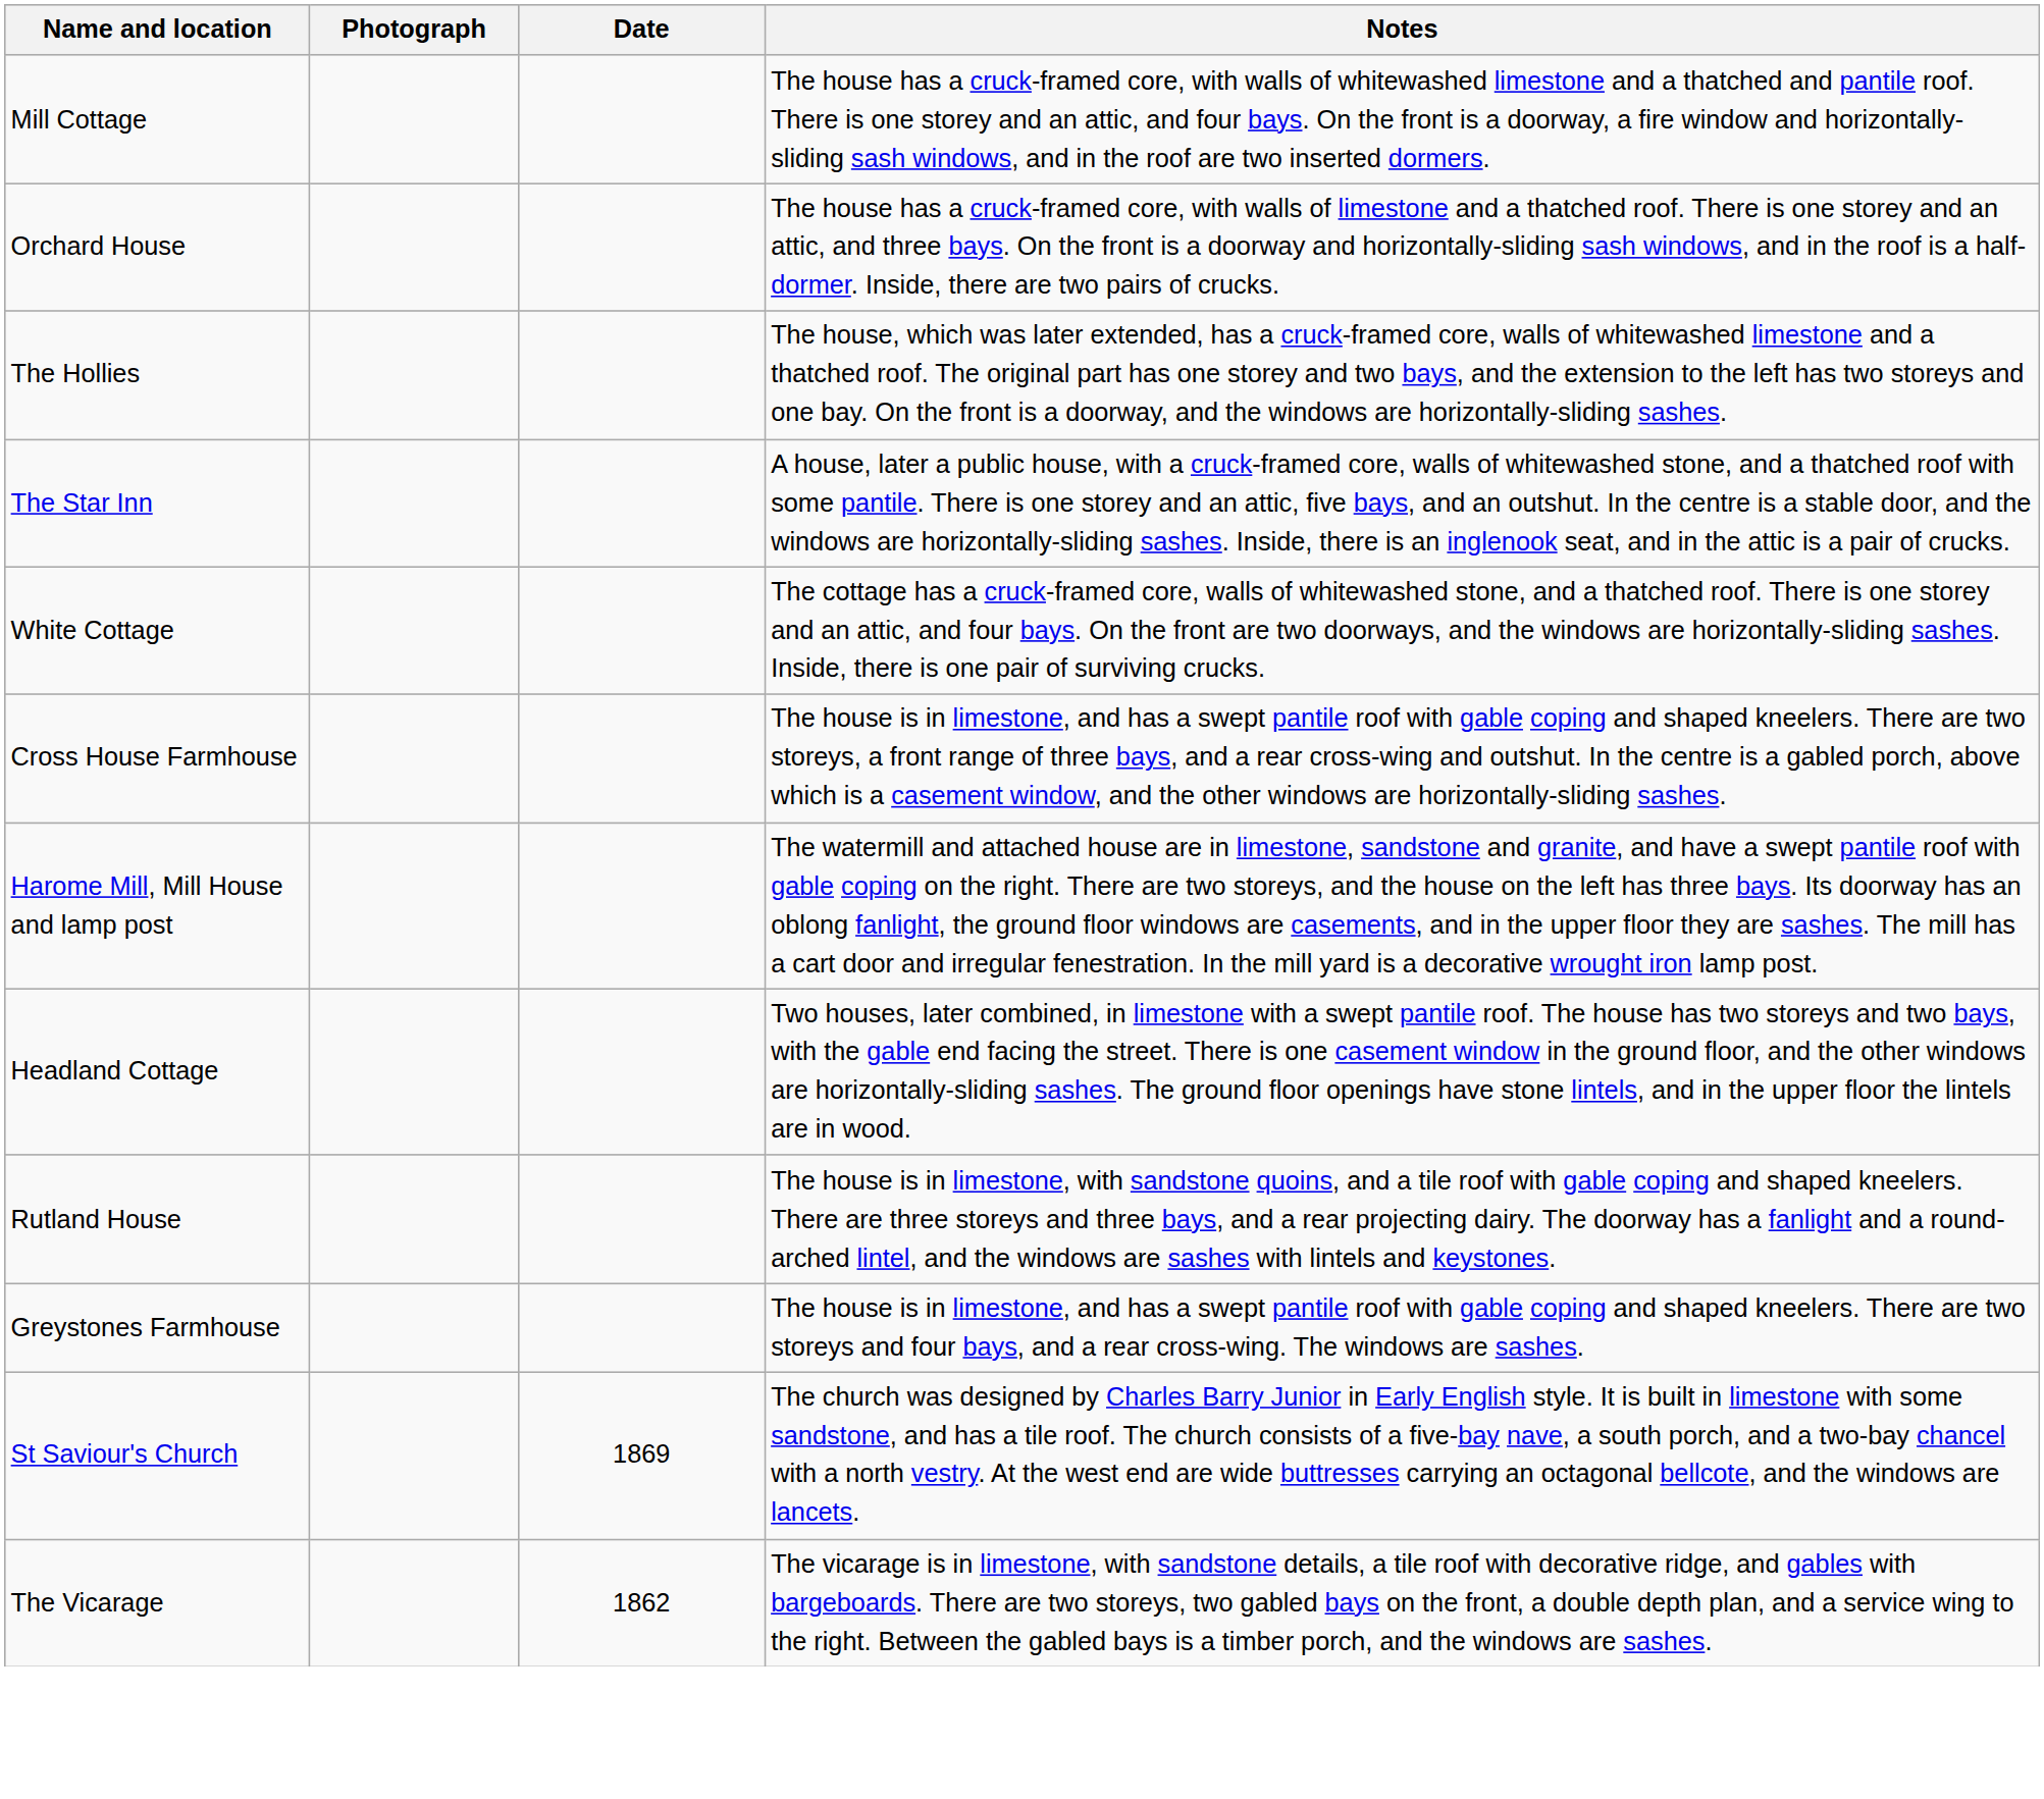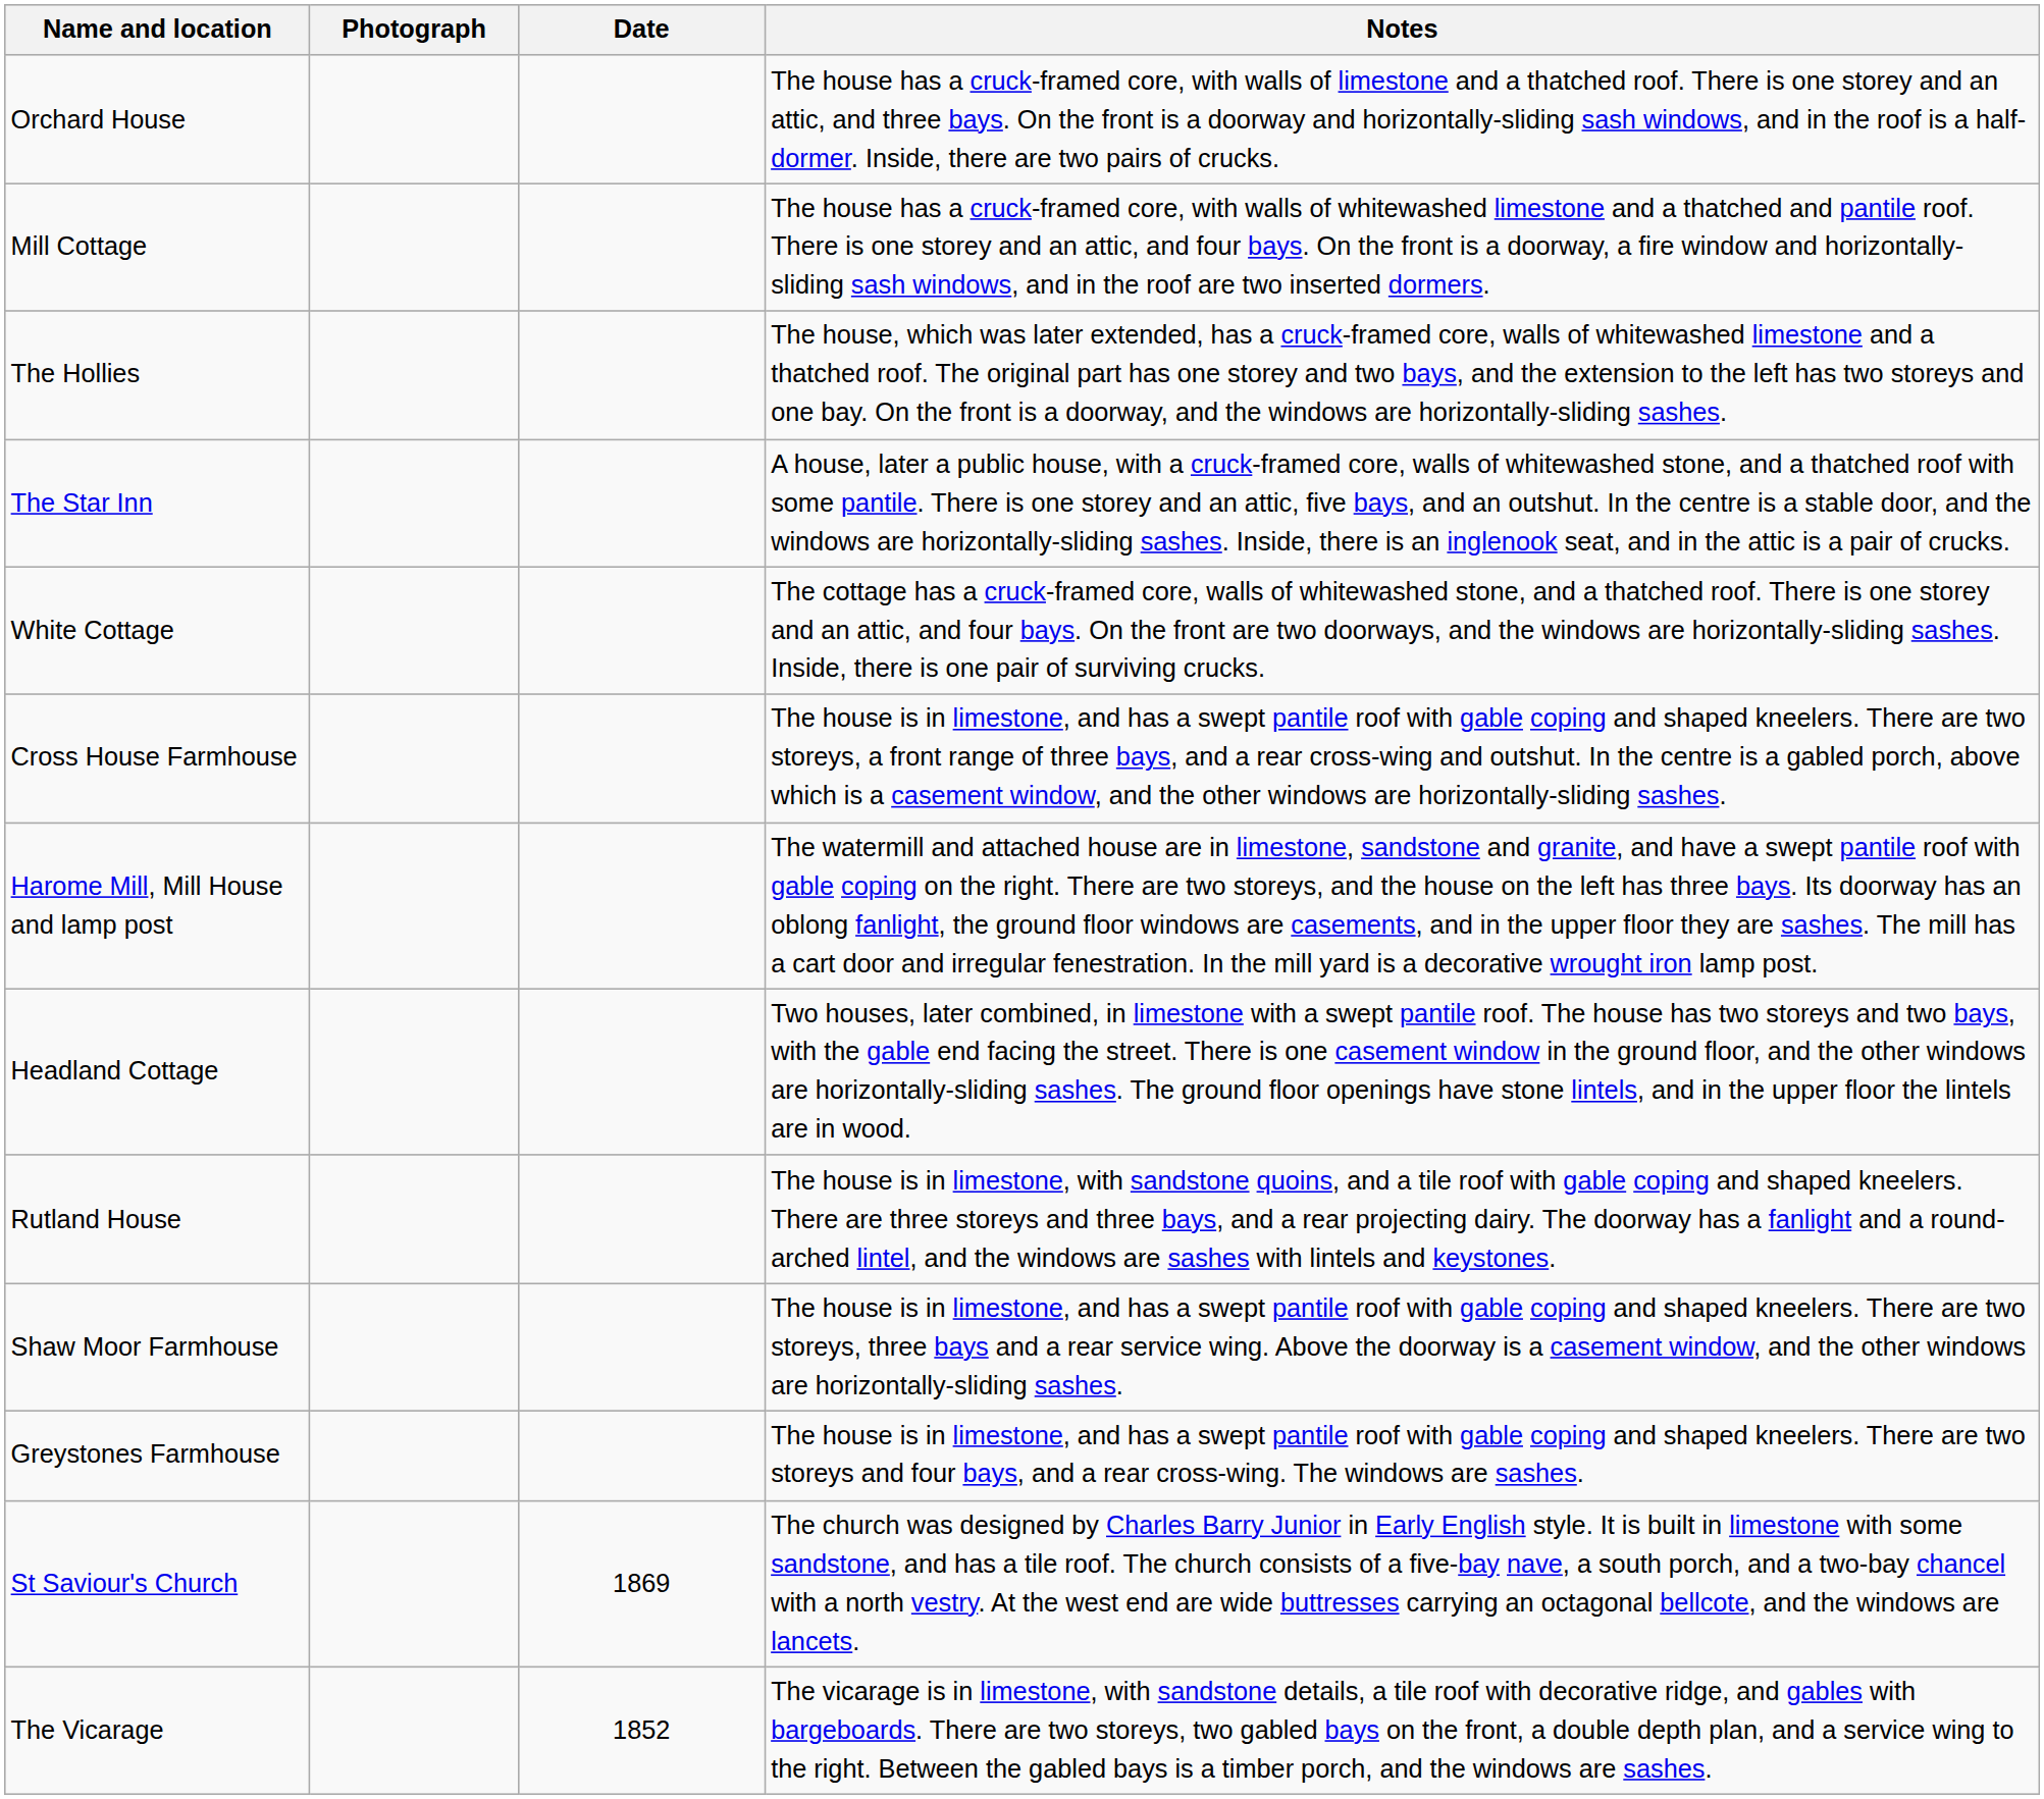 <table class="wikitable sortable plainrowheaders" style="width:100%;border:0px;text-align:left;line-height:150%;">
 <tr>
 <th scope="col"  style="width:150px">Name and location</th>
 <th scope="col"  style="width:100px" class="unsortable">Photograph</th>
 <th scope="col"  style="width:120px">Date</th>
 <th scope="col"  style="width:650px" class="unsortable">Notes</th>
 </tr>
 <tr>
+<td>Orchard House<br><small></small></td>
+<td></td>
+<td align="center"></td>
+<td>The house has a <a href='#'>cruck</a>-framed core, with walls of <a href='#'>limestone</a> and a thatched roof. There is one storey and an attic, and three <a href='#'>bays</a>.  On the front is a doorway and horizontally-sliding <a href='#'>sash windows</a>, and in the roof is a half-<a href='#'>dormer</a>.  Inside, there are two pairs of crucks.</td>
+</tr>
+<tr>
 <td>Mill Cottage<br><small></small></td>
 <td></td>
 <td align="center"></td>
 <td>The house has a <a href='#'>cruck</a>-framed core, with walls of whitewashed <a href='#'>limestone</a> and a thatched and <a href='#'>pantile</a> roof.  There is one storey and an attic, and four <a href='#'>bays</a>.  On the front is a doorway, a fire window and horizontally-sliding <a href='#'>sash windows</a>, and in the roof are two inserted <a href='#'>dormers</a>.</td>
-</tr>
-<tr>
-<td>Orchard House<br><small></small></td>
-<td></td>
-<td align="center"></td>
-<td>The house has a <a href='#'>cruck</a>-framed core, with walls of <a href='#'>limestone</a> and a thatched roof. There is one storey and an attic, and three <a href='#'>bays</a>.  On the front is a doorway and horizontally-sliding <a href='#'>sash windows</a>, and in the roof is a half-<a href='#'>dormer</a>.  Inside, there are two pairs of crucks.</td>
 </tr>
 <tr>
 <td>The Hollies<br><small></small></td>
 <td></td>
 <td align="center"></td>
 <td>The house, which was later extended, has a <a href='#'>cruck</a>-framed core, walls of whitewashed <a href='#'>limestone</a> and a thatched roof.  The original part has one storey and two <a href='#'>bays</a>, and the extension to the left has two storeys and one bay.  On the front is a doorway, and the windows are horizontally-sliding <a href='#'>sashes</a>.</td>
 </tr>
 <tr>
 <td><a href='#'>The Star Inn</a><br><small></small></td>
 <td></td>
 <td align="center"></td>
 <td>A house, later a public house, with a <a href='#'>cruck</a>-framed core, walls of whitewashed stone, and a thatched roof with some <a href='#'>pantile</a>.  There is one storey and an attic, five <a href='#'>bays</a>, and an outshut.  In the centre is a stable door, and the windows are horizontally-sliding <a href='#'>sashes</a>.  Inside, there is an <a href='#'>inglenook</a> seat, and in the attic is a pair of crucks.</td>
 </tr>
 <tr>
 <td>White Cottage<br><small></small></td>
 <td></td>
 <td align="center"></td>
 <td>The cottage has a <a href='#'>cruck</a>-framed core, walls of whitewashed stone, and a thatched roof.  There is one storey and an attic, and four <a href='#'>bays</a>.  On the front are two doorways, and the windows are horizontally-sliding <a href='#'>sashes</a>.  Inside, there is one pair of surviving crucks.</td>
 </tr>
 <tr>
 <td>Cross House Farmhouse<br><small></small></td>
 <td></td>
 <td align="center"></td>
 <td>The house is in <a href='#'>limestone</a>, and has a swept <a href='#'>pantile</a> roof with <a href='#'>gable</a> <a href='#'>coping</a> and shaped kneelers.  There are two storeys, a front range of three <a href='#'>bays</a>, and a rear cross-wing and outshut.  In the centre is a gabled porch, above which is a <a href='#'>casement window</a>, and the other windows are horizontally-sliding <a href='#'>sashes</a>.</td>
 </tr>
 <tr>
 <td><a href='#'>Harome Mill</a>, Mill House and lamp post<br><small></small></td>
 <td></td>
 <td align="center"></td>
 <td>The watermill and attached house are in <a href='#'>limestone</a>, <a href='#'>sandstone</a> and <a href='#'>granite</a>, and have a swept <a href='#'>pantile</a> roof with <a href='#'>gable</a> <a href='#'>coping</a> on the right.  There are two storeys, and the house on the left has three <a href='#'>bays</a>.  Its doorway has an oblong <a href='#'>fanlight</a>, the ground floor windows are <a href='#'>casements</a>, and in the upper floor they are <a href='#'>sashes</a>.  The mill has a cart door and irregular fenestration.  In the mill yard is a decorative <a href='#'>wrought iron</a> lamp post.</td>
 </tr>
 <tr>
 <td>Headland Cottage<br><small></small></td>
 <td></td>
 <td align="center"></td>
 <td>Two houses, later combined, in <a href='#'>limestone</a> with a swept <a href='#'>pantile</a> roof.  The house has two storeys and two <a href='#'>bays</a>, with the <a href='#'>gable</a> end facing the street.  There is one <a href='#'>casement window</a> in the ground floor, and the other windows are horizontally-sliding <a href='#'>sashes</a>.  The ground floor openings have stone <a href='#'>lintels</a>, and in the upper floor the lintels are in wood.</td>
 </tr>
 <tr>
 <td>Rutland House<br><small></small></td>
 <td></td>
 <td align="center"></td>
 <td>The house is in <a href='#'>limestone</a>, with <a href='#'>sandstone</a> <a href='#'>quoins</a>, and a tile roof with <a href='#'>gable</a> <a href='#'>coping</a> and shaped kneelers.  There are three storeys and three <a href='#'>bays</a>, and a rear projecting dairy.  The doorway has a <a href='#'>fanlight</a> and a round-arched <a href='#'>lintel</a>, and the windows are <a href='#'>sashes</a> with lintels and <a href='#'>keystones</a>.</td>
 </tr>
 <tr>
+<td>Shaw Moor Farmhouse<br><small></small></td>
+<td></td>
+<td align="center"></td>
+<td>The house is in <a href='#'>limestone</a>, and has a swept <a href='#'>pantile</a> roof with <a href='#'>gable</a> <a href='#'>coping</a> and shaped kneelers.  There are two storeys, three <a href='#'>bays</a> and a rear service wing.  Above the doorway is a <a href='#'>casement window</a>, and the other windows are horizontally-sliding <a href='#'>sashes</a>.</td>
+</tr>
+<tr>
 <td>Greystones Farmhouse<br><small></small></td>
 <td></td>
 <td align="center"></td>
 <td>The house is in <a href='#'>limestone</a>, and has a swept <a href='#'>pantile</a> roof with <a href='#'>gable</a> <a href='#'>coping</a> and shaped kneelers.  There are two storeys and four <a href='#'>bays</a>, and a rear cross-wing.  The windows are <a href='#'>sashes</a>.</td>
 </tr>
 <tr>
 <td><a href='#'>St Saviour's Church</a><br><small></small></td>
 <td></td>
 <td align="center">1869</td>
 <td>The church was designed by <a href='#'>Charles Barry Junior</a> in <a href='#'>Early English</a> style.  It is built in <a href='#'>limestone</a> with some <a href='#'>sandstone</a>, and has a tile roof.  The church consists of a five-<a href='#'>bay</a> <a href='#'>nave</a>, a south porch, and a two-bay <a href='#'>chancel</a> with a north <a href='#'>vestry</a>.  At the west end are wide <a href='#'>buttresses</a> carrying an octagonal <a href='#'>bellcote</a>, and the windows are <a href='#'>lancets</a>.</td>
 </tr>
 <tr>
 <td>The Vicarage<br><small></small></td>
 <td></td>
-<td align="center">1862</td>
+<td align="center">1852</td>
 <td>The vicarage is in <a href='#'>limestone</a>, with <a href='#'>sandstone</a> details, a tile roof with decorative ridge, and <a href='#'>gables</a> with <a href='#'>bargeboards</a>.  There are two storeys, two gabled <a href='#'>bays</a> on the front, a double depth plan, and a service wing to the right.  Between the gabled bays is a timber porch, and the windows are <a href='#'>sashes</a>.</td>
 </tr>
 <tr>
 </tr>
 </table>
